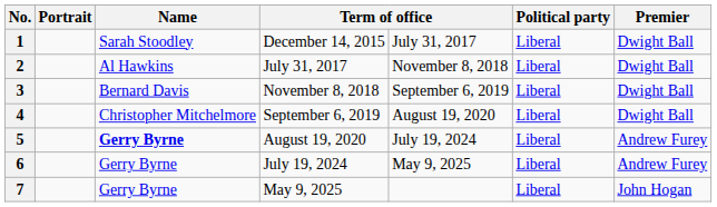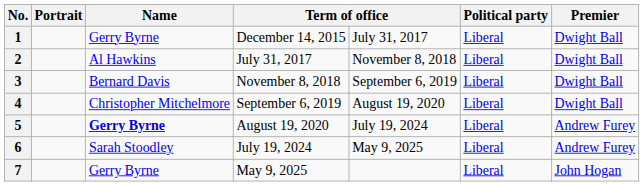 <table class="wikitable">
 <tr>
 <th>No.</th>
 <th>Portrait</th>
 <th>Name</th>
 <th colspan=2>Term of office</th>
 <th>Political party</th>
 <th>Premier</th>
 </tr>
 <tr>
 <th style="background:">1</th>
 <td></td>
-<td><a href='#'>Sarah Stoodley</a></td>
+<td><a href='#'>Gerry Byrne</a></td>
 <td>December 14, 2015</td>
 <td>July 31, 2017</td>
 <td><a href='#'>Liberal</a></td>
 <td><a href='#'>Dwight Ball</a></td>
 </tr>
 <tr>
 <th style="background:">2</th>
 <td></td>
 <td><a href='#'>Al Hawkins</a></td>
 <td>July 31, 2017</td>
 <td>November 8, 2018</td>
 <td><a href='#'>Liberal</a></td>
 <td><a href='#'>Dwight Ball</a></td>
 </tr>
 <tr>
 <th style="background:">3</th>
 <td></td>
 <td><a href='#'>Bernard Davis</a></td>
 <td>November 8, 2018</td>
 <td>September 6, 2019</td>
 <td><a href='#'>Liberal</a></td>
 <td><a href='#'>Dwight Ball</a></td>
 </tr>
 <tr>
 <th style="background:">4</th>
 <td></td>
 <td><a href='#'>Christopher Mitchelmore</a></td>
 <td>September 6, 2019</td>
 <td>August 19, 2020</td>
 <td><a href='#'>Liberal</a></td>
 <td><a href='#'>Dwight Ball</a></td>
 </tr>
 <tr>
 <th style="background:">5</th>
 <td></td>
 <td><strong><a href='#'>Gerry Byrne</a></strong></td>
 <td>August 19, 2020</td>
 <td>July 19, 2024</td>
 <td><a href='#'>Liberal</a></td>
 <td><a href='#'>Andrew Furey</a></td>
 </tr>
 <tr>
 <th style="background:">6</th>
 <td></td>
-<td><a href='#'>Gerry Byrne</a></td>
+<td><a href='#'>Sarah Stoodley</a></td>
 <td>July 19, 2024</td>
 <td>May 9, 2025</td>
 <td><a href='#'>Liberal</a></td>
 <td><a href='#'>Andrew Furey</a></td>
 </tr>
 <tr>
 <th style="background:">7</th>
 <td></td>
 <td><a href='#'> Gerry Byrne</a></td>
 <td>May 9, 2025</td>
 <td></td>
 <td><a href='#'> Liberal</a></td>
 <td><a href='#'> John Hogan</a></td>
 </tr>
 </table>
